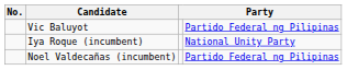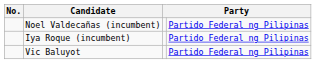 <table class="wikitable sortable" style="text-align:left;">
 <tr>
 <th>No.</th>
 <th>Candidate</th>
 <th colspan="2">Party</th>
 </tr>
 <tr>
 <td></td>
-<td>Vic Baluyot</td>
+<td>Noel Valdecañas (incumbent)</td>
 <td></td>
 <td><a href='#'>Partido Federal ng Pilipinas</a></td>
 </tr>
 <tr>
 <td></td>
 <td>Iya Roque (incumbent)</td>
 <td></td>
-<td><a href='#'>National Unity Party</a></td>
+<td><a href='#'>Partido Federal ng Pilipinas</a></td>
 </tr>
 <tr>
 <td></td>
-<td>Noel Valdecañas (incumbent)</td>
+<td>Vic Baluyot</td>
 <td></td>
 <td><a href='#'>Partido Federal ng Pilipinas</a></td>
 </tr>
 </table>
